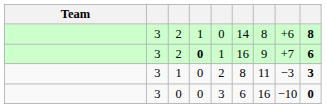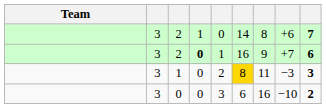 <table class="wikitable" style="text-align: center;">
 <tr>
 <th width="175">Team</th>
 <th width="20"></th>
 <th width="20"></th>
 <th width="20"></th>
 <th width="20"></th>
 <th width="20"></th>
 <th width="20"></th>
 <th width="20"></th>
 <th width="20"></th>
 </tr>
 <tr align=center bgcolor=#ccffcc>
 <td style="text-align:left;"></td>
 <td>3</td>
 <td>2</td>
 <td>1</td>
 <td>0</td>
 <td>14</td>
 <td>8</td>
 <td>+6</td>
-<td><strong>8</strong></td>
+<td><strong>7</strong></td>
 </tr>
 <tr align=center bgcolor=#ccffcc>
 <td style="text-align:left;"></td>
 <td>3</td>
 <td>2</td>
 <td><strong>0</strong></td>
 <td>1</td>
 <td>16</td>
 <td>9</td>
 <td>+7</td>
 <td><strong>6</strong></td>
 </tr>
 <tr>
 <td style="text-align:left;"></td>
 <td>3</td>
 <td>1</td>
 <td>0</td>
 <td>2</td>
-<td>8</td>
+<td style="background: gold;">8</td>
 <td>11</td>
 <td>−3</td>
 <td><strong>3</strong></td>
 </tr>
 <tr>
 <td style="text-align:left;"></td>
 <td>3</td>
 <td>0</td>
 <td>0</td>
 <td>3</td>
 <td>6</td>
 <td>16</td>
 <td>−10</td>
-<td><strong>0</strong></td>
+<td><strong>2</strong></td>
 </tr>
 </table>
